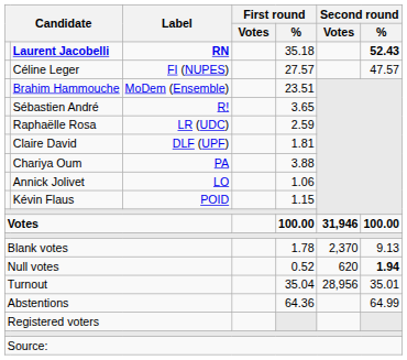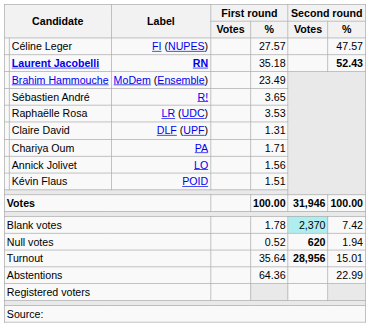 <table class="wikitable" style="text-align:right;font-size:95%;">
 <tr>
 <th rowspan="2" colspan="2">Candidate</th>
 <th rowspan="2">Label</th>
 <th colspan="2">First round</th>
 <th colspan="2">Second round</th>
 </tr>
 <tr>
 <th style="width:50px;">Votes</th>
 <th style="width:45px;">%</th>
 <th style="width:50px;">Votes</th>
 <th style="width:45px;">%</th>
 </tr>
 <tr>
 <td style="color:inherit;background:"></td>
+<td style="text-align:left;">Céline Leger</td>
+<td><a href='#'>FI</a> (<a href='#'>NUPES</a>)</td>
+<td></td>
+<td>27.57</td>
+<td></td>
+<td>47.57</td>
+</tr>
+<tr>
+<td style="color:inherit;background:"></td>
 <td style="text-align:left;"><strong><a href='#'>Laurent Jacobelli</a></strong></td>
 <td><strong><a href='#'>RN</a></strong></td>
 <td></td>
 <td>35.18</td>
 <td><strong></strong></td>
 <td><strong>52.43</strong></td>
 </tr>
 <tr>
 <td style="color:inherit;background:"></td>
-<td style="text-align:left;">Céline Leger</td>
-<td><a href='#'>FI</a> (<a href='#'>NUPES</a>)</td>
-<td></td>
-<td>27.57</td>
-<td></td>
-<td>47.57</td>
-</tr>
-<tr>
-<td style="color:inherit;background:"></td>
 <td style="text-align:left;"><a href='#'>Brahim Hammouche</a></td>
 <td><a href='#'>MoDem</a> (<a href='#'>Ensemble</a>)</td>
 <td></td>
-<td>23.51</td>
+<td>23.49</td>
 <td colspan="2" rowspan="8" style="background:#E9E9E9;"></td>
 </tr>
 <tr>
 <td style="color:inherit;background:"></td>
 <td style="text-align:left;">Sébastien André</td>
 <td><a href='#'>R!</a></td>
 <td></td>
 <td>3.65</td>
 </tr>
 <tr>
 <td style="color:inherit;background:"></td>
 <td style="text-align:left;">Raphaëlle Rosa</td>
 <td><a href='#'>LR</a> (<a href='#'>UDC</a>)</td>
 <td></td>
-<td>2.59</td>
+<td>3.53</td>
 </tr>
 <tr>
 <td style="color:inherit;background:"></td>
 <td style="text-align:left;">Claire David</td>
 <td><a href='#'>DLF</a> (<a href='#'>UPF</a>)</td>
 <td></td>
-<td>1.81</td>
+<td>1.31</td>
 </tr>
 <tr>
 <td style="color:inherit;background:"></td>
 <td style="text-align:left;">Chariya Oum</td>
 <td><a href='#'>PA</a></td>
 <td></td>
-<td>3.88</td>
+<td>1.71</td>
 </tr>
 <tr>
 <td style="color:inherit;background:"></td>
 <td style="text-align:left;">Annick Jolivet</td>
 <td><a href='#'>LO</a></td>
 <td></td>
-<td>1.06</td>
+<td>1.56</td>
 </tr>
 <tr>
 <td style="color:inherit;background:"></td>
 <td style="text-align:left;">Kévin Flaus</td>
 <td><a href='#'>POID</a></td>
 <td></td>
-<td>1.15</td>
+<td>1.51</td>
 </tr>
 <tr>
 <td colspan="7" style="background:#E9E9E9;"></td>
 </tr>
 <tr style="font-weight:bold;">
 <td colspan="3" style="text-align:left;">Votes</td>
 <td></td>
 <td>100.00</td>
 <td>31,946</td>
 <td>100.00</td>
 </tr>
 <tr>
 <td colspan="7" style="background:#E9E9E9;"></td>
 </tr>
 <tr>
 <td colspan="3" style="text-align:left;">Blank votes</td>
 <td></td>
 <td>1.78</td>
-<td>2,370</td>
-<td>9.13</td>
+<td style="background: paleturquoise;">2,370</td>
+<td>7.42</td>
 </tr>
 <tr>
 <td colspan="3" style="text-align:left;">Null votes</td>
 <td></td>
 <td>0.52</td>
-<td>620</td>
-<td><strong>1.94</strong></td>
+<td><strong>620</strong></td>
+<td>1.94</td>
 </tr>
 <tr>
 <td colspan="3" style="text-align:left;">Turnout</td>
 <td></td>
-<td>35.04</td>
-<td>28,956</td>
-<td>35.01</td>
+<td>35.64</td>
+<td><strong>28,956</strong></td>
+<td>15.01</td>
 </tr>
 <tr>
 <td colspan="3" style="text-align:left;">Abstentions</td>
 <td></td>
 <td>64.36</td>
 <td></td>
-<td>64.99</td>
+<td>22.99</td>
 </tr>
 <tr>
 <td colspan="3" style="text-align:left;">Registered voters</td>
 <td></td>
 <td style="background:#E9E9E9;"></td>
 <td></td>
 <td style="background:#E9E9E9;"></td>
 </tr>
 <tr>
 <td colspan="7" style="background:#E9E9E9;"></td>
 </tr>
 <tr>
 <td colspan="7" style="text-align:left;">Source:  </td>
 </tr>
 </table>
